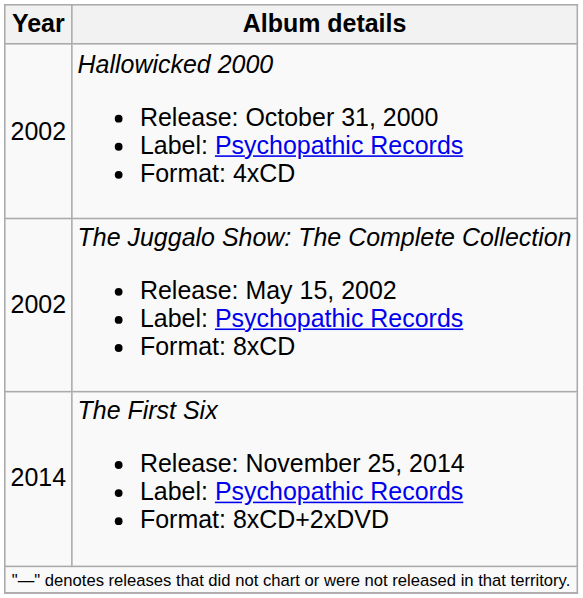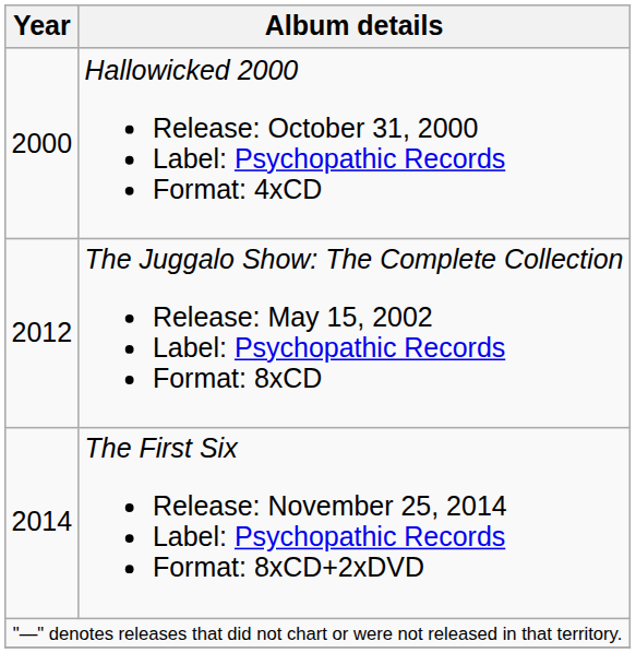 <table class="wikitable" style="text-align:center;">
 <tr>
 <th rowspan="1">Year</th>
 <th rowspan="1">Album details</th>
 </tr>
 <tr>
-<td>2002</td>
+<td>2000</td>
 <td style="text-align:left"><em>Hallowicked 2000</em><br><ul><li>Release: October 31, 2000</li><li>Label: <a href='#'>Psychopathic Records</a></li><li>Format: 4xCD</li></ul></td>
 </tr>
 <tr>
-<td>2002</td>
+<td>2012</td>
 <td style="text-align:left"><em>The Juggalo Show: The Complete Collection</em><br><ul><li>Release: May 15, 2002</li><li>Label: <a href='#'>Psychopathic Records</a></li><li>Format: 8xCD</li></ul></td>
 </tr>
 <tr>
 <td>2014</td>
 <td style="text-align:left"><em>The First Six</em><br><ul><li>Release: November 25, 2014</li><li>Label: <a href='#'>Psychopathic Records</a></li><li>Format: 8xCD+2xDVD</li></ul></td>
 </tr>
 <tr>
 <td colspan="10" style="font-size: 8pt">"—" denotes releases that did not chart or were not released in that territory.</td>
 </tr>
 <tr>
 </tr>
 </table>
